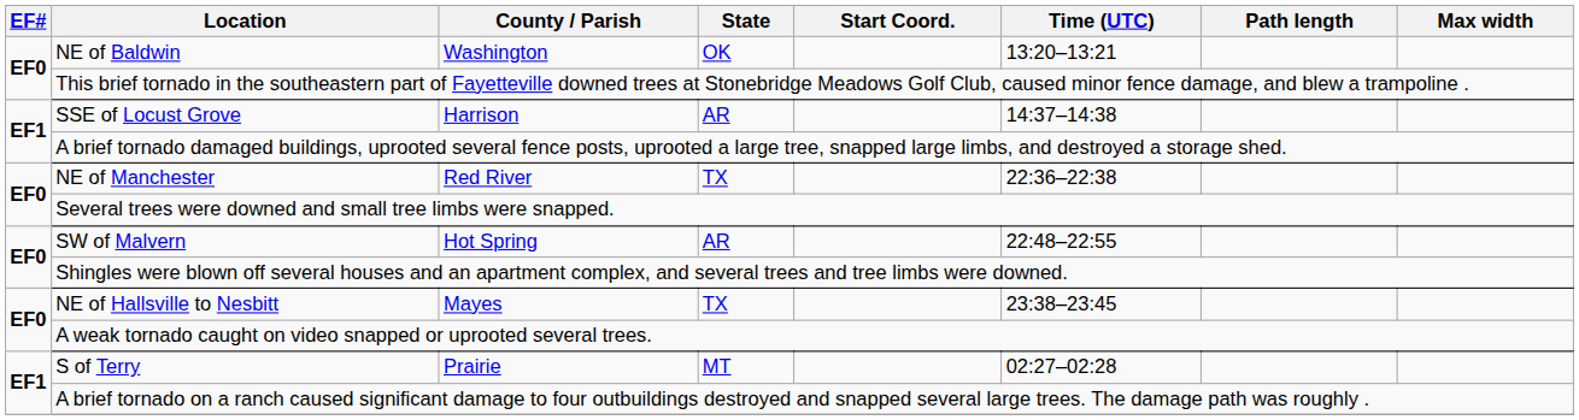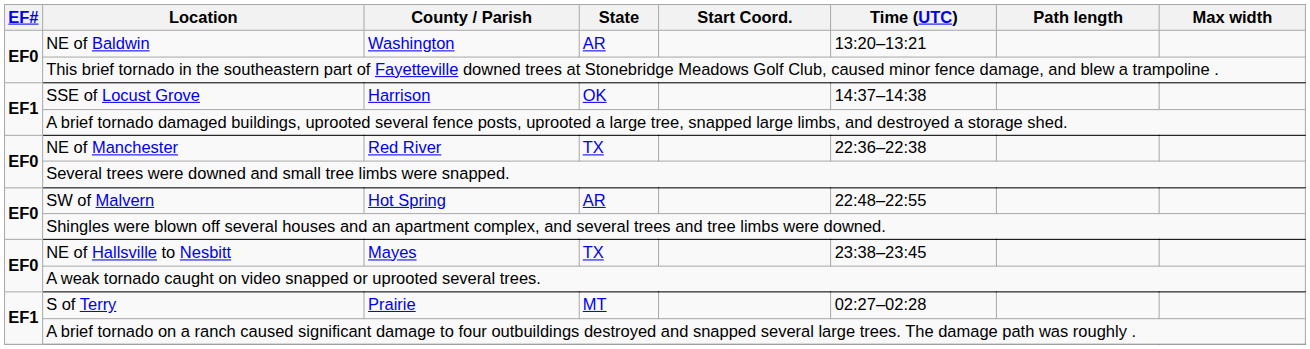 <table class="wikitable sortable" style="width:100%;">
 <tr>
 <th scope="col" width="2%" align="center"><a href='#'>EF#</a></th>
 <th scope="col" align="center" class="unsortable">Location</th>
 <th scope="col" align="center" class="unsortable">County / Parish</th>
 <th scope="col" align="center">State</th>
 <th scope="col" align="center" data-sort-type="number">Start Coord.</th>
 <th scope="col" align="center" data-sort-type="number">Time (<a href='#'>UTC</a>)</th>
 <th scope="col" align="center" data-sort-type="number">Path length</th>
 <th scope="col" align="center" data-sort-type="number">Max width</th>
 </tr>
 <tr>
 <td rowspan="2" align="center"><strong>EF0</strong></td>
 <td>NE of <a href='#'>Baldwin</a></td>
 <td><a href='#'>Washington</a></td>
-<td><a href='#'>OK</a></td>
+<td><a href='#'>AR</a></td>
 <td></td>
 <td>13:20–13:21</td>
 <td></td>
 <td></td>
 </tr>
 <tr class="expand-child">
 <td colspan="8" style=" border-bottom: 1px solid black;">This brief tornado in the southeastern part of <a href='#'>Fayetteville</a> downed trees at Stonebridge Meadows Golf Club, caused minor fence damage, and blew a trampoline .</td>
 </tr>
 <tr>
 <td rowspan="2" align="center"><strong>EF1</strong></td>
 <td>SSE of <a href='#'>Locust Grove</a></td>
 <td><a href='#'>Harrison</a></td>
-<td><a href='#'>AR</a></td>
+<td><a href='#'>OK</a></td>
 <td></td>
 <td>14:37–14:38</td>
 <td></td>
 <td></td>
 </tr>
 <tr class="expand-child">
 <td colspan="8" style=" border-bottom: 1px solid black;">A brief tornado damaged buildings, uprooted several fence posts, uprooted a large tree, snapped large limbs, and destroyed a storage shed.</td>
 </tr>
 <tr>
 <td rowspan="2" align="center"><strong>EF0</strong></td>
 <td>NE of <a href='#'>Manchester</a></td>
 <td><a href='#'>Red River</a></td>
 <td><a href='#'>TX</a></td>
 <td></td>
 <td>22:36–22:38</td>
 <td></td>
 <td></td>
 </tr>
 <tr class="expand-child">
 <td colspan="8" style=" border-bottom: 1px solid black;">Several trees were downed and small tree limbs were snapped.</td>
 </tr>
 <tr>
 <td rowspan="2" align="center"><strong>EF0</strong></td>
 <td>SW of <a href='#'>Malvern</a></td>
 <td><a href='#'>Hot Spring</a></td>
 <td><a href='#'>AR</a></td>
 <td></td>
 <td>22:48–22:55</td>
 <td></td>
 <td></td>
 </tr>
 <tr class="expand-child">
 <td colspan="8" style=" border-bottom: 1px solid black;">Shingles were blown off several houses and an apartment complex, and several trees and tree limbs were downed.</td>
 </tr>
 <tr>
 <td rowspan="2" align="center"><strong>EF0</strong></td>
 <td>NE of <a href='#'>Hallsville</a> to <a href='#'>Nesbitt</a></td>
 <td><a href='#'>Mayes</a></td>
 <td><a href='#'>TX</a></td>
 <td></td>
 <td>23:38–23:45</td>
 <td></td>
 <td></td>
 </tr>
 <tr class="expand-child">
 <td colspan="8" style=" border-bottom: 1px solid black;">A weak tornado caught on video snapped or uprooted several trees.</td>
 </tr>
 <tr>
 <td rowspan="2" align="center"><strong>EF1</strong></td>
 <td>S of <a href='#'>Terry</a></td>
 <td><a href='#'>Prairie</a></td>
 <td><a href='#'>MT</a></td>
 <td></td>
 <td>02:27–02:28</td>
 <td></td>
 <td></td>
 </tr>
 <tr class="expand-child">
 <td colspan="8" style=" border-bottom: 1px solid black;">A brief tornado on a ranch caused significant damage to four outbuildings destroyed and snapped several large trees. The damage path was roughly .</td>
 </tr>
 <tr>
 </tr>
 </table>
